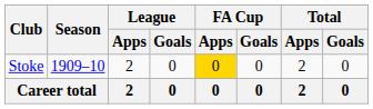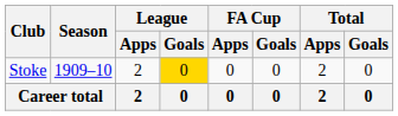 <table class="wikitable" style="text-align: center;">
 <tr>
 <th rowspan="2">Club</th>
 <th rowspan="2">Season</th>
 <th colspan="2">League</th>
 <th colspan="2">FA Cup</th>
 <th colspan="2">Total</th>
 </tr>
 <tr>
 <th>Apps</th>
 <th>Goals</th>
 <th>Apps</th>
 <th>Goals</th>
 <th>Apps</th>
 <th>Goals</th>
 </tr>
 <tr>
 <td><a href='#'>Stoke</a></td>
 <td><a href='#'>1909–10</a></td>
 <td>2</td>
+<td style="background: gold;">0</td>
 <td>0</td>
-<td style="background: gold;">0</td>
 <td>0</td>
 <td>2</td>
 <td>0</td>
 </tr>
 <tr>
 <th colspan="2">Career total</th>
 <th>2</th>
 <th>0</th>
 <th>0</th>
 <th>0</th>
 <th>2</th>
 <th>0</th>
 </tr>
 </table>
